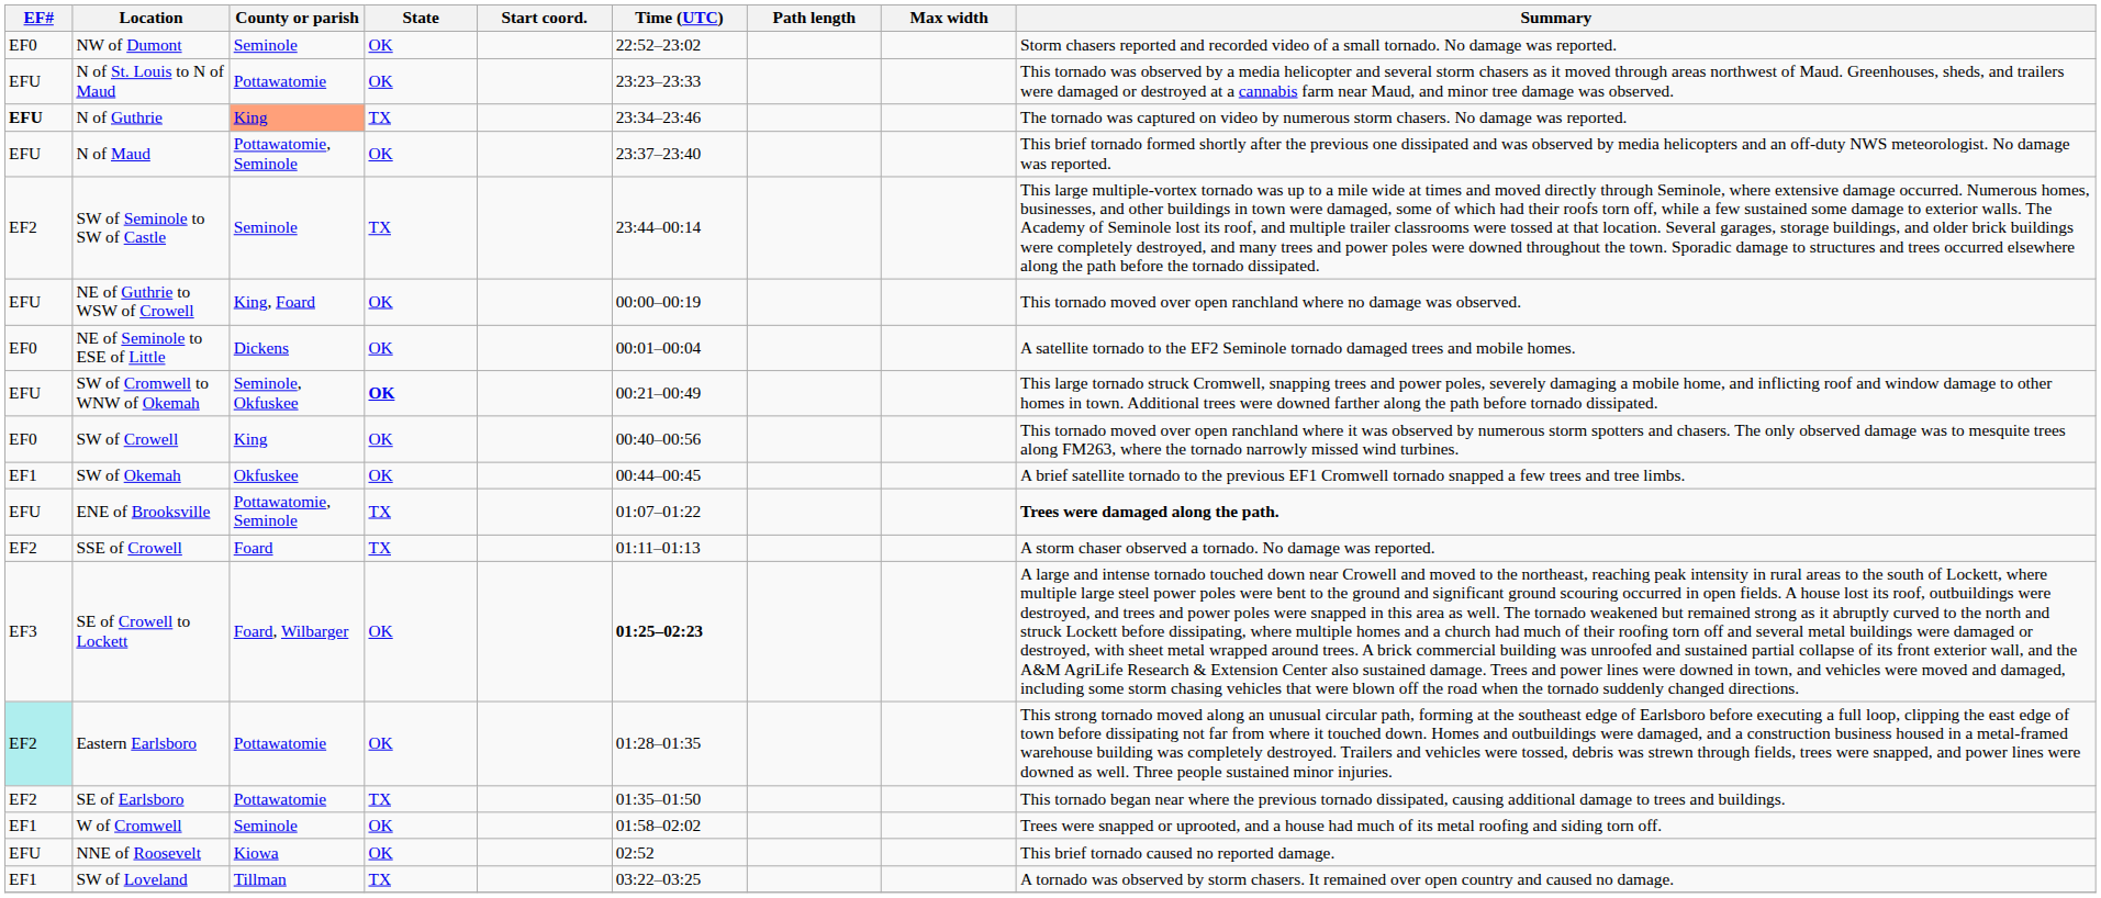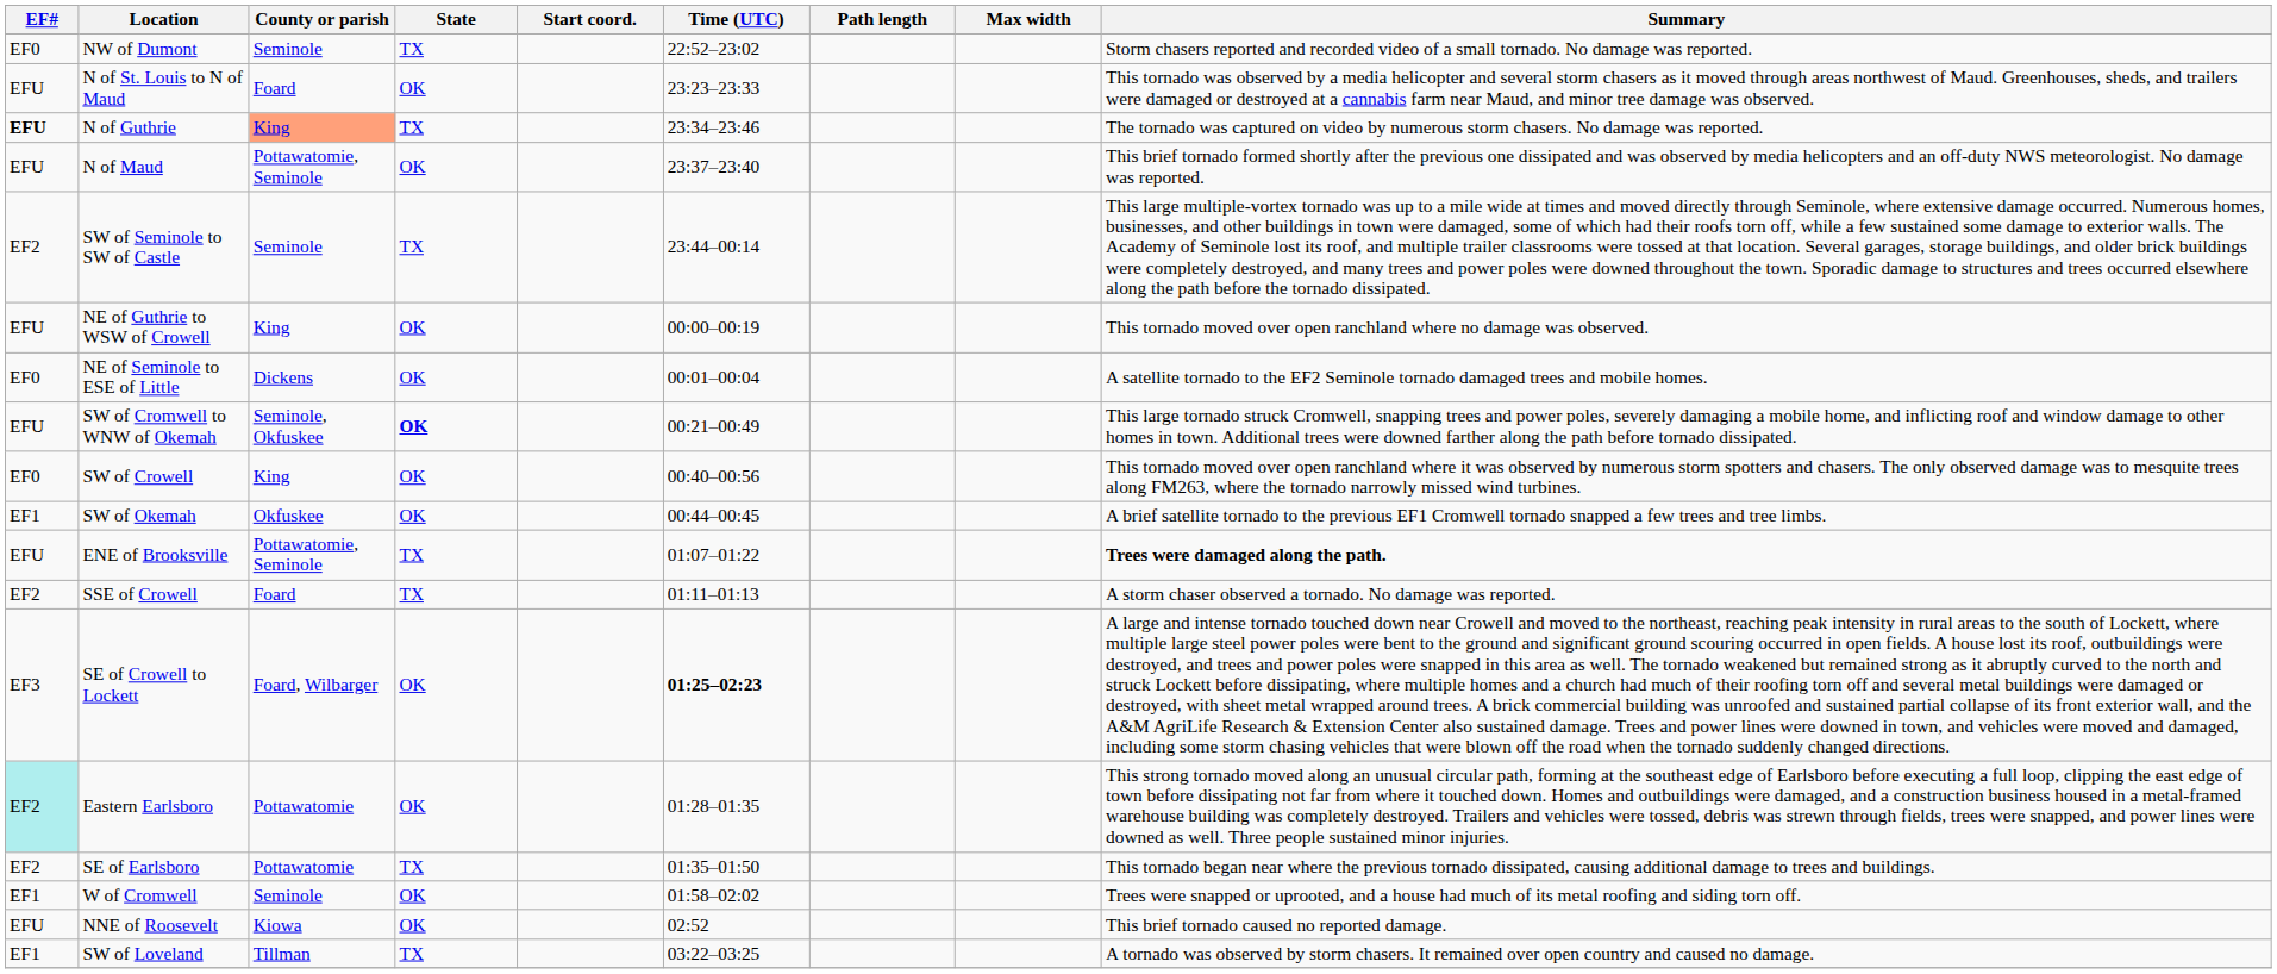 <table class="wikitable sortable" style="width:100%;">
 <tr>
 <th scope="col"  style="width:3%; text-align:center;"><a href='#'>EF#</a></th>
 <th scope="col"  style="width:7%; text-align:center;" class="unsortable">Location</th>
 <th scope="col"  style="width:6%; text-align:center;" class="unsortable">County or parish</th>
 <th scope="col"  style="width:5%; text-align:center;">State</th>
 <th scope="col"  style="width:6%; text-align:center;">Start coord.</th>
 <th scope="col"  style="width:6%; text-align:center;">Time (<a href='#'>UTC</a>)</th>
 <th scope="col"  style="width:6%; text-align:center;">Path length</th>
 <th scope="col"  style="width:6%; text-align:center;">Max width</th>
 <th scope="col" class="unsortable" style="width:48%; text-align:center;">Summary</th>
 </tr>
 <tr>
 <td>EF0</td>
 <td>NW of <a href='#'>Dumont</a></td>
 <td><a href='#'>Seminole</a></td>
-<td><a href='#'>OK</a></td>
+<td><a href='#'>TX</a></td>
 <td></td>
 <td>22:52–23:02</td>
 <td></td>
 <td></td>
 <td>Storm chasers reported and recorded video of a small tornado. No damage was reported.</td>
 </tr>
 <tr>
 <td>EFU</td>
 <td>N of <a href='#'>St. Louis</a> to N of <a href='#'>Maud</a></td>
-<td><a href='#'>Pottawatomie</a></td>
+<td><a href='#'>Foard</a></td>
 <td><a href='#'>OK</a></td>
 <td></td>
 <td>23:23–23:33</td>
 <td></td>
 <td></td>
 <td>This tornado was observed by a media helicopter and several storm chasers as it moved through areas northwest of Maud. Greenhouses, sheds, and trailers were damaged or destroyed at a <a href='#'>cannabis</a> farm near Maud, and minor tree damage was observed.</td>
 </tr>
 <tr>
 <td><strong>EFU</strong></td>
 <td>N of <a href='#'>Guthrie</a></td>
 <td style="background: lightsalmon;"><a href='#'>King</a></td>
 <td><a href='#'>TX</a></td>
 <td></td>
 <td>23:34–23:46</td>
 <td></td>
 <td></td>
 <td>The tornado was captured on video by numerous storm chasers. No damage was reported.</td>
 </tr>
 <tr>
 <td>EFU</td>
 <td>N of <a href='#'>Maud</a></td>
 <td><a href='#'>Pottawatomie</a>, <a href='#'>Seminole</a></td>
 <td><a href='#'>OK</a></td>
 <td></td>
 <td>23:37–23:40</td>
 <td></td>
 <td></td>
 <td>This brief tornado formed shortly after the previous one dissipated and was observed by media helicopters and an off-duty NWS meteorologist. No damage was reported.</td>
 </tr>
 <tr>
 <td>EF2</td>
 <td>SW of <a href='#'>Seminole</a> to SW of <a href='#'>Castle</a></td>
 <td><a href='#'>Seminole</a></td>
 <td><a href='#'>TX</a></td>
 <td></td>
 <td>23:44–00:14</td>
 <td></td>
 <td></td>
 <td>This large multiple-vortex tornado was up to a mile wide at times and moved directly through Seminole, where extensive damage occurred. Numerous homes, businesses, and other buildings in town were damaged, some of which had their roofs torn off, while a few sustained some damage to exterior walls. The Academy of Seminole lost its roof, and multiple trailer classrooms were tossed at that location. Several garages, storage buildings, and older brick buildings were completely destroyed, and many trees and power poles were downed throughout the town. Sporadic damage to structures and trees occurred elsewhere along the path before the tornado dissipated.</td>
 </tr>
 <tr>
 <td>EFU</td>
 <td>NE of <a href='#'>Guthrie</a> to WSW of <a href='#'>Crowell</a></td>
-<td><a href='#'>King</a>, <a href='#'>Foard</a></td>
+<td><a href='#'>King</a></td>
 <td><a href='#'>OK</a></td>
 <td></td>
 <td>00:00–00:19</td>
 <td></td>
 <td></td>
 <td>This tornado moved over open ranchland where no damage was observed.</td>
 </tr>
 <tr>
 <td>EF0</td>
 <td>NE of <a href='#'>Seminole</a> to ESE of <a href='#'>Little</a></td>
 <td><a href='#'>Dickens</a></td>
 <td><a href='#'>OK</a></td>
 <td></td>
 <td>00:01–00:04</td>
 <td></td>
 <td></td>
 <td>A satellite tornado to the EF2 Seminole tornado damaged trees and mobile homes.</td>
 </tr>
 <tr>
 <td>EFU</td>
 <td>SW of <a href='#'>Cromwell</a> to WNW of <a href='#'>Okemah</a></td>
 <td><a href='#'>Seminole</a>, <a href='#'>Okfuskee</a></td>
 <td><strong><a href='#'>OK</a></strong></td>
 <td></td>
 <td>00:21–00:49</td>
 <td></td>
 <td></td>
 <td>This large tornado struck Cromwell, snapping trees and power poles, severely damaging a mobile home, and inflicting roof and window damage to other homes in town. Additional trees were downed farther along the path before tornado dissipated.</td>
 </tr>
 <tr>
 <td>EF0</td>
 <td>SW of <a href='#'>Crowell</a></td>
 <td><a href='#'>King</a></td>
 <td><a href='#'>OK</a></td>
 <td></td>
 <td>00:40–00:56</td>
 <td></td>
 <td></td>
 <td>This tornado moved over open ranchland where it was observed by numerous storm spotters and chasers. The only observed damage was to mesquite trees along FM263, where the tornado narrowly missed wind turbines.</td>
 </tr>
 <tr>
 <td>EF1</td>
 <td>SW of <a href='#'>Okemah</a></td>
 <td><a href='#'>Okfuskee</a></td>
 <td><a href='#'>OK</a></td>
 <td></td>
 <td>00:44–00:45</td>
 <td></td>
 <td></td>
 <td>A brief satellite tornado to the previous EF1 Cromwell tornado snapped a few trees and tree limbs.</td>
 </tr>
 <tr>
 <td>EFU</td>
 <td>ENE of <a href='#'>Brooksville</a></td>
 <td><a href='#'>Pottawatomie</a>, <a href='#'>Seminole</a></td>
 <td><a href='#'>TX</a></td>
 <td></td>
 <td>01:07–01:22</td>
 <td></td>
 <td></td>
 <td><strong>Trees were damaged along the path.</strong></td>
 </tr>
 <tr>
 <td>EF2</td>
 <td>SSE of <a href='#'>Crowell</a></td>
 <td><a href='#'>Foard</a></td>
 <td><a href='#'>TX</a></td>
 <td></td>
 <td>01:11–01:13</td>
 <td></td>
 <td></td>
 <td>A storm chaser observed a tornado. No damage was reported.</td>
 </tr>
 <tr>
 <td>EF3</td>
 <td>SE of <a href='#'>Crowell</a> to <a href='#'>Lockett</a></td>
 <td><a href='#'>Foard</a>, <a href='#'>Wilbarger</a></td>
 <td><a href='#'>OK</a></td>
 <td></td>
 <td><strong>01:25–02:23</strong></td>
 <td></td>
 <td></td>
 <td>A large and intense tornado touched down near Crowell and moved to the northeast, reaching peak intensity in rural areas to the south of Lockett, where multiple large steel power poles were bent to the ground and significant ground scouring occurred in open fields. A house lost its roof, outbuildings were destroyed, and trees and power poles were snapped in this area as well. The tornado weakened but remained strong as it abruptly curved to the north and struck Lockett before dissipating, where multiple homes and a church had much of their roofing torn off and several metal buildings were damaged or destroyed, with sheet metal wrapped around trees. A brick commercial building was unroofed and sustained partial collapse of its front exterior wall, and the A&M AgriLife Research & Extension Center also sustained damage. Trees and power lines were downed in town, and vehicles were moved and damaged, including some storm chasing vehicles that were blown off the road when the tornado suddenly changed directions.</td>
 </tr>
 <tr>
 <td style="background: paleturquoise;">EF2</td>
 <td>Eastern <a href='#'>Earlsboro</a></td>
 <td><a href='#'>Pottawatomie</a></td>
 <td><a href='#'>OK</a></td>
 <td></td>
 <td>01:28–01:35</td>
 <td></td>
 <td></td>
 <td>This strong tornado moved along an unusual circular path, forming at the southeast edge of Earlsboro before executing a full loop, clipping the east edge of town before dissipating not far from where it touched down. Homes and outbuildings were damaged, and a construction business housed in a metal-framed warehouse building was completely destroyed. Trailers and vehicles were tossed, debris was strewn through fields, trees were snapped, and power lines were downed as well. Three people sustained minor injuries.</td>
 </tr>
 <tr>
 <td>EF2</td>
 <td>SE of <a href='#'>Earlsboro</a></td>
 <td><a href='#'>Pottawatomie</a></td>
 <td><a href='#'>TX</a></td>
 <td></td>
 <td>01:35–01:50</td>
 <td></td>
 <td></td>
 <td>This tornado began near where the previous tornado dissipated, causing additional damage to trees and buildings.</td>
 </tr>
 <tr>
 <td>EF1</td>
 <td>W of <a href='#'>Cromwell</a></td>
 <td><a href='#'>Seminole</a></td>
 <td><a href='#'>OK</a></td>
 <td></td>
 <td>01:58–02:02</td>
 <td></td>
 <td></td>
 <td>Trees were snapped or uprooted, and a house had much of its metal roofing and siding torn off.</td>
 </tr>
 <tr>
 <td>EFU</td>
 <td>NNE of <a href='#'>Roosevelt</a></td>
 <td><a href='#'>Kiowa</a></td>
 <td><a href='#'>OK</a></td>
 <td></td>
 <td>02:52</td>
 <td></td>
 <td></td>
 <td>This brief tornado caused no reported damage.</td>
 </tr>
 <tr>
 <td>EF1</td>
 <td>SW of <a href='#'>Loveland</a></td>
 <td><a href='#'>Tillman</a></td>
 <td><a href='#'>TX</a></td>
 <td></td>
 <td>03:22–03:25</td>
 <td></td>
 <td></td>
 <td>A tornado was observed by storm chasers. It remained over open country and caused no damage.</td>
 </tr>
 <tr>
 </tr>
 </table>
